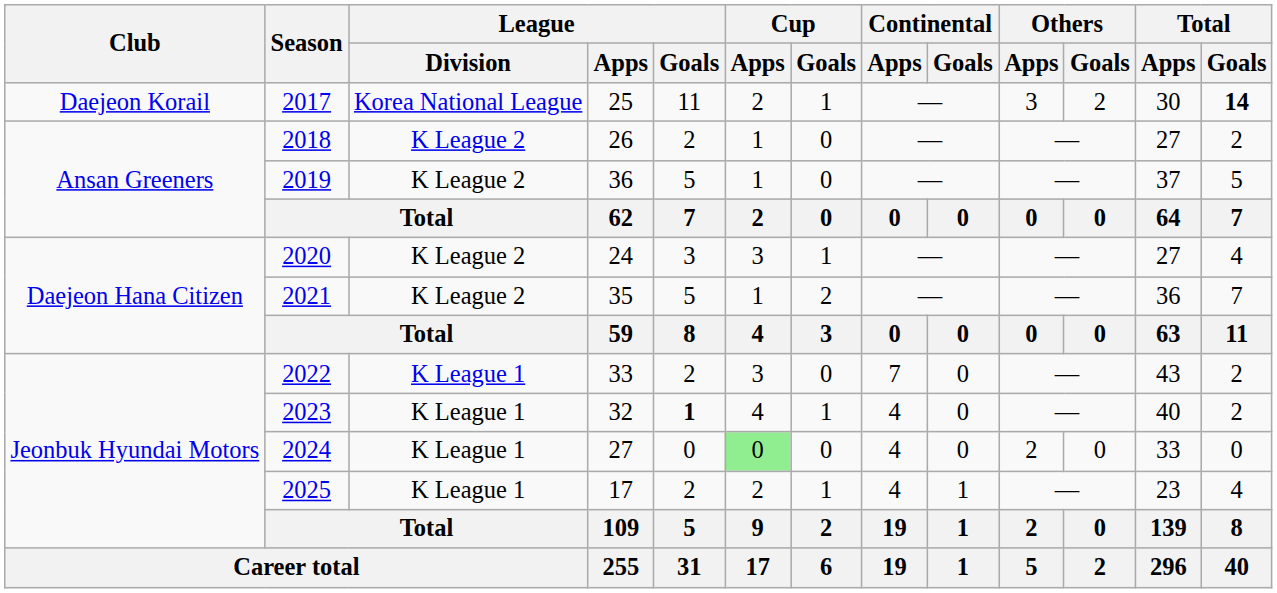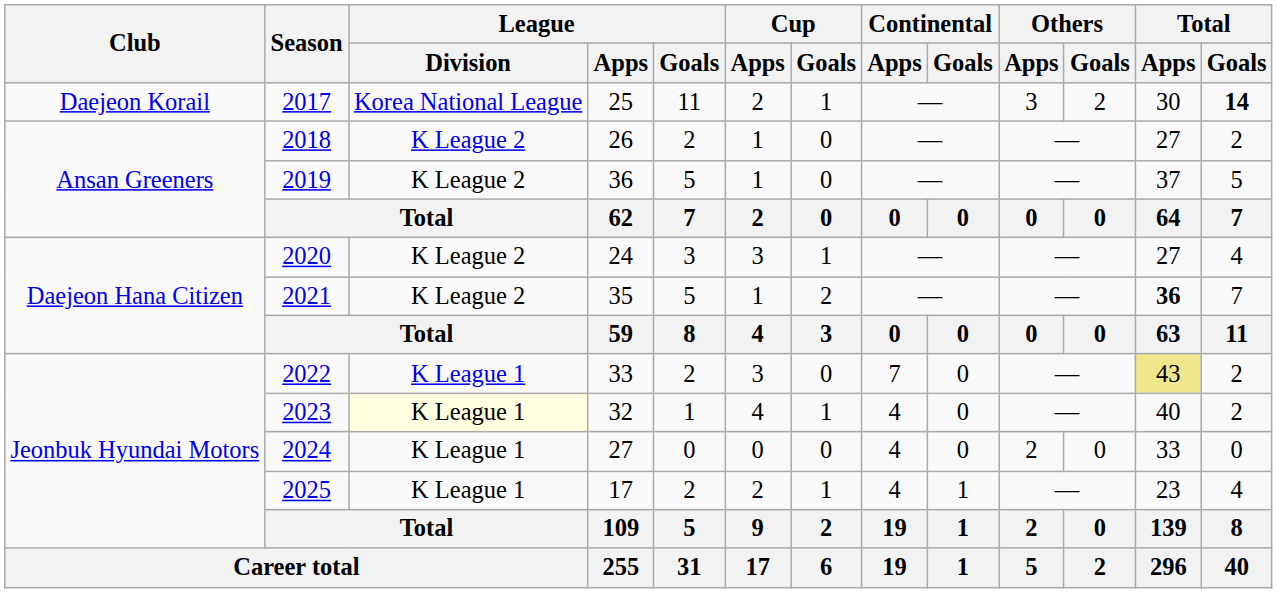 <table class="wikitable" style="text-align:center">
 <tr>
 <th rowspan="2">Club</th>
 <th rowspan="2">Season</th>
 <th colspan="3">League</th>
 <th colspan="2">Cup</th>
 <th colspan="2">Continental</th>
 <th colspan="2">Others</th>
 <th colspan="2">Total</th>
 </tr>
 <tr>
 <th>Division</th>
 <th>Apps</th>
 <th>Goals</th>
 <th>Apps</th>
 <th>Goals</th>
 <th>Apps</th>
 <th>Goals</th>
 <th>Apps</th>
 <th>Goals</th>
 <th>Apps</th>
 <th>Goals</th>
 </tr>
 <tr>
 <td rowspan="1"><a href='#'>Daejeon Korail</a></td>
 <td><a href='#'>2017</a></td>
 <td><a href='#'>Korea National League</a></td>
 <td>25</td>
 <td>11</td>
 <td>2</td>
 <td>1</td>
 <td colspan="2">—</td>
 <td>3</td>
 <td>2</td>
 <td>30</td>
 <td><strong>14</strong></td>
 </tr>
 <tr>
 <td rowspan="3"><a href='#'>Ansan Greeners</a></td>
 <td><a href='#'>2018</a></td>
 <td><a href='#'>K League 2</a></td>
 <td>26</td>
 <td>2</td>
 <td>1</td>
 <td>0</td>
 <td colspan="2">—</td>
 <td colspan="2">—</td>
 <td>27</td>
 <td>2</td>
 </tr>
 <tr>
 <td><a href='#'>2019</a></td>
 <td>K League 2</td>
 <td>36</td>
 <td>5</td>
 <td>1</td>
 <td>0</td>
 <td colspan="2">—</td>
 <td colspan="2">—</td>
 <td>37</td>
 <td>5</td>
 </tr>
 <tr>
 <th colspan="2">Total</th>
 <th>62</th>
 <th>7</th>
 <th>2</th>
 <th>0</th>
 <th>0</th>
 <th>0</th>
 <th>0</th>
 <th>0</th>
 <th>64</th>
 <th>7</th>
 </tr>
 <tr>
 <td rowspan="3"><a href='#'>Daejeon Hana Citizen</a></td>
 <td><a href='#'>2020</a></td>
 <td>K League 2</td>
 <td>24</td>
 <td>3</td>
 <td>3</td>
 <td>1</td>
 <td colspan="2">—</td>
 <td colspan="2">—</td>
 <td>27</td>
 <td>4</td>
 </tr>
 <tr>
 <td><a href='#'>2021</a></td>
 <td>K League 2</td>
 <td>35</td>
 <td>5</td>
 <td>1</td>
 <td>2</td>
 <td colspan="2">—</td>
 <td colspan="2">—</td>
-<td>36</td>
+<td><strong>36</strong></td>
 <td>7</td>
 </tr>
 <tr>
 <th colspan="2">Total</th>
 <th>59</th>
 <th>8</th>
 <th>4</th>
 <th>3</th>
 <th>0</th>
 <th>0</th>
 <th>0</th>
 <th>0</th>
 <th>63</th>
 <th>11</th>
 </tr>
 <tr>
 <td rowspan="5"><a href='#'>Jeonbuk Hyundai Motors</a></td>
 <td><a href='#'>2022</a></td>
 <td><a href='#'>K League 1</a></td>
 <td>33</td>
 <td>2</td>
 <td>3</td>
 <td>0</td>
 <td>7</td>
 <td>0</td>
 <td colspan="2">—</td>
-<td>43</td>
+<td style="background: khaki;">43</td>
 <td>2</td>
 </tr>
 <tr>
 <td><a href='#'>2023</a></td>
-<td>K League 1</td>
+<td style="background: lightyellow;">K League 1</td>
 <td>32</td>
-<td><strong>1</strong></td>
+<td>1</td>
 <td>4</td>
 <td>1</td>
 <td>4</td>
 <td>0</td>
 <td colspan="2">—</td>
 <td>40</td>
 <td>2</td>
 </tr>
 <tr>
 <td><a href='#'>2024</a></td>
 <td>K League 1</td>
 <td>27</td>
 <td>0</td>
-<td style="background: lightgreen;">0</td>
+<td>0</td>
 <td>0</td>
 <td>4</td>
 <td>0</td>
 <td>2</td>
 <td>0</td>
 <td>33</td>
 <td>0</td>
 </tr>
 <tr>
 <td><a href='#'>2025</a></td>
 <td>K League 1</td>
 <td>17</td>
 <td>2</td>
 <td>2</td>
 <td>1</td>
 <td>4</td>
 <td>1</td>
 <td colspan="2">—</td>
 <td>23</td>
 <td>4</td>
 </tr>
 <tr>
 <th colspan="2">Total</th>
 <th>109</th>
 <th>5</th>
 <th>9</th>
 <th>2</th>
 <th>19</th>
 <th>1</th>
 <th>2</th>
 <th>0</th>
 <th>139</th>
 <th>8</th>
 </tr>
 <tr>
 <th colspan="3">Career total</th>
 <th>255</th>
 <th>31</th>
 <th>17</th>
 <th>6</th>
 <th>19</th>
 <th>1</th>
 <th>5</th>
 <th>2</th>
 <th>296</th>
 <th>40</th>
 </tr>
 </table>
